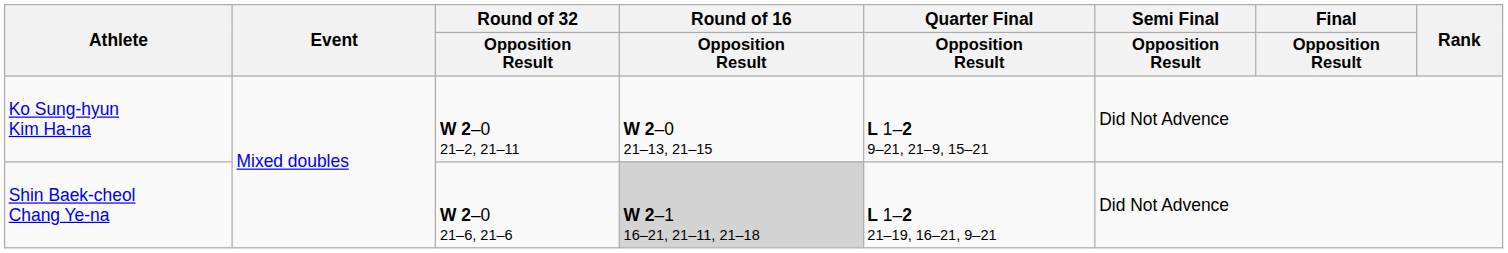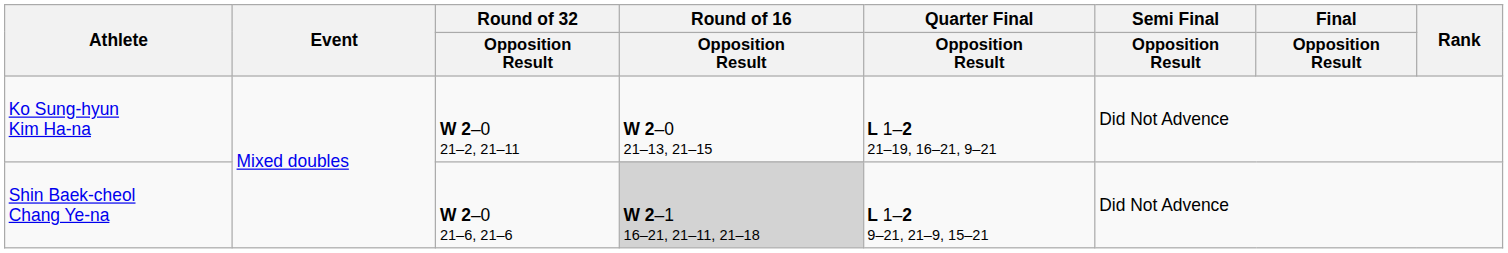 <table class="wikitable" width="98%" style="text-align:left; font-size:90%">
 <tr>
 <th rowspan=2>Athlete</th>
 <th rowspan=2>Event</th>
 <th>Round of 32</th>
 <th>Round of 16</th>
 <th>Quarter Final</th>
 <th>Semi Final</th>
 <th>Final</th>
 <th rowspan=2>Rank</th>
 </tr>
 <tr style="font-size:95%">
 <th>Opposition<br>Result</th>
 <th>Opposition<br>Result</th>
 <th>Opposition<br>Result</th>
 <th>Opposition<br>Result</th>
 <th>Opposition<br>Result</th>
 </tr>
 <tr>
 <td><a href='#'>Ko Sung-hyun</a><br><a href='#'>Kim Ha-na</a></td>
 <td rowspan=2><a href='#'>Mixed doubles</a></td>
 <td><br><br><strong>W</strong> <strong>2</strong>–0<br><small>21–2, 21–11</small></td>
 <td><br><br><strong>W</strong> <strong>2</strong>–0<br><small>21–13, 21–15</small></td>
-<td><br><br><strong>L</strong> 1–<strong>2</strong><br><small>9–21, 21–9, 15–21</small></td>
+<td><br><br><strong>L</strong> 1–<strong>2</strong><br><small>21–19, 16–21, 9–21</small></td>
 <td colspan=3 align=3>Did Not Advence</td>
 </tr>
 <tr>
 <td><a href='#'>Shin Baek-cheol</a><br><a href='#'>Chang Ye-na</a></td>
 <td><br><br><strong>W</strong> <strong>2</strong>–0<br><small>21–6, 21–6</small></td>
 <td style="background: lightgrey;"><br><br><strong>W</strong> <strong>2</strong>–1<br><small>16–21, 21–11, 21–18</small></td>
-<td><br><br><strong>L</strong> 1–<strong>2</strong><br><small>21–19, 16–21, 9–21</small></td>
+<td><br><br><strong>L</strong> 1–<strong>2</strong><br><small>9–21, 21–9, 15–21</small></td>
 <td colspan=3 align=3>Did Not Advence</td>
 </tr>
 </table>
